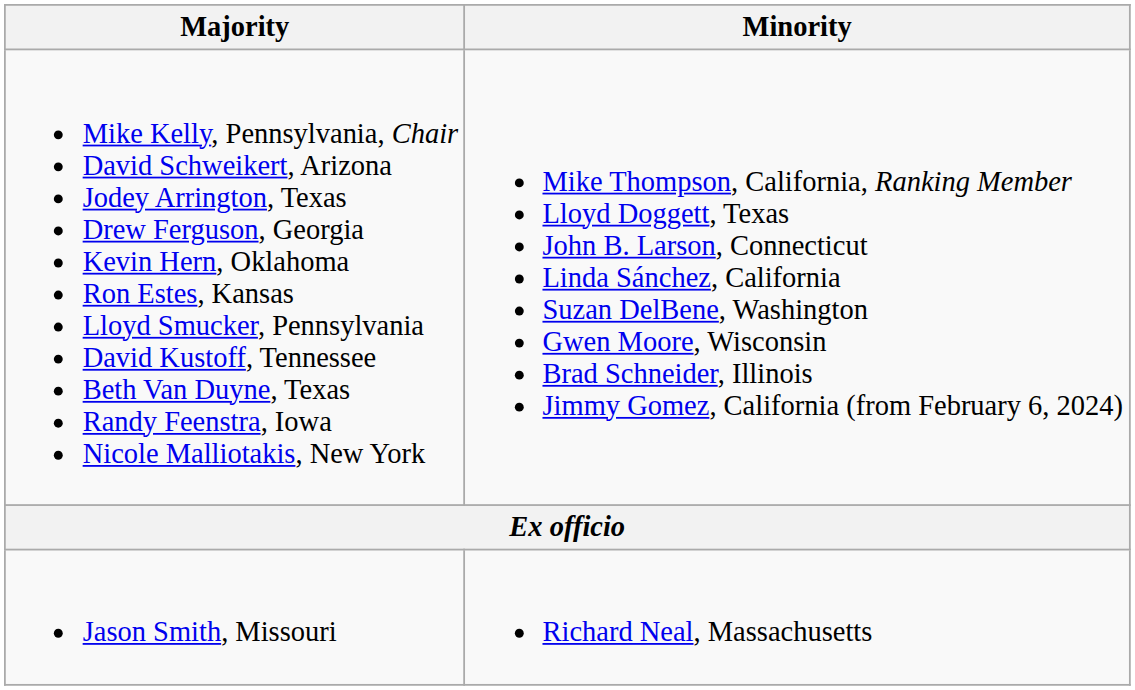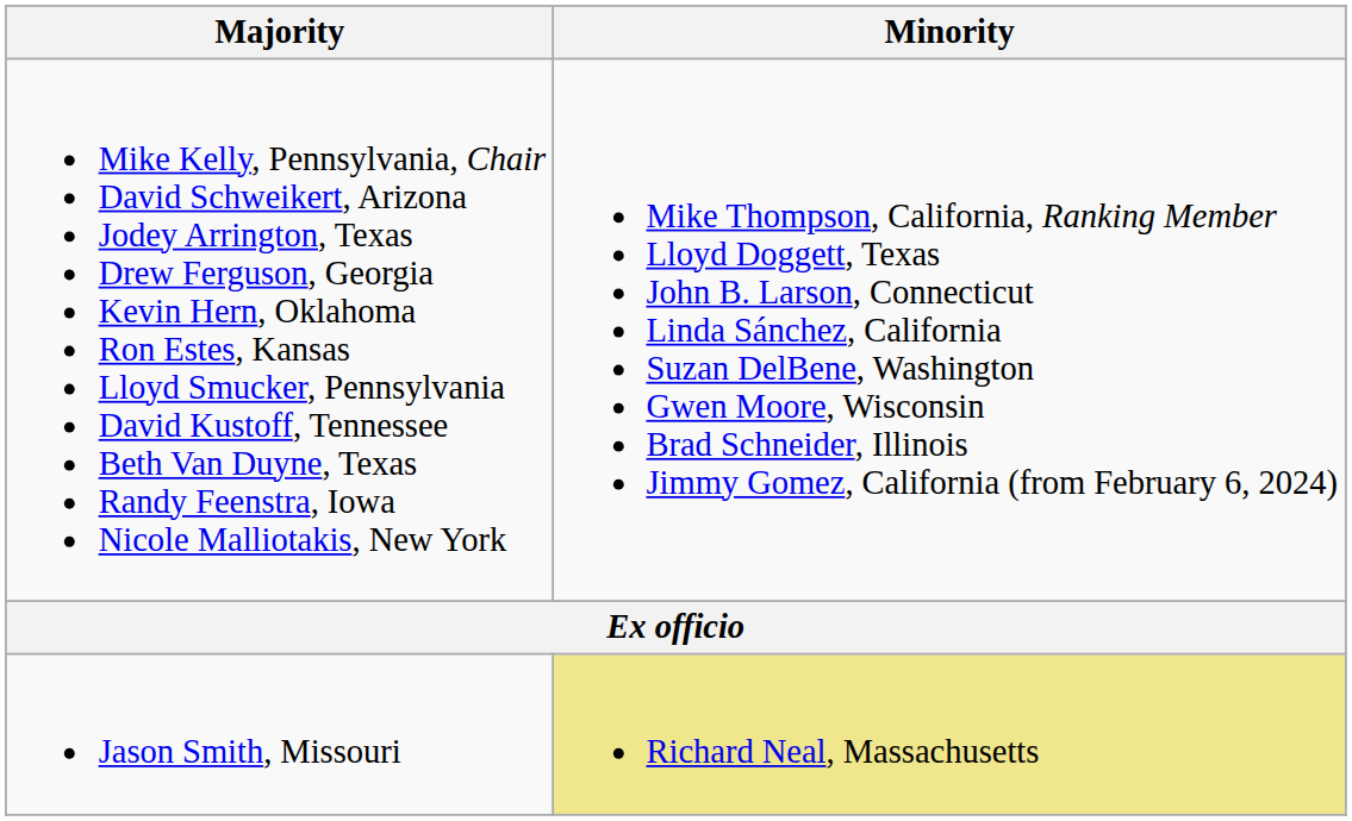 <table class=wikitable>
 <tr>
 <th>Majority</th>
 <th>Minority</th>
 </tr>
 <tr>
 <td><br><ul><li><a href='#'>Mike Kelly</a>, Pennsylvania, <em>Chair</em></li><li><a href='#'>David Schweikert</a>, Arizona</li><li><a href='#'>Jodey Arrington</a>, Texas</li><li><a href='#'>Drew Ferguson</a>, Georgia</li><li><a href='#'>Kevin Hern</a>, Oklahoma</li><li><a href='#'>Ron Estes</a>, Kansas</li><li><a href='#'>Lloyd Smucker</a>, Pennsylvania</li><li><a href='#'>David Kustoff</a>, Tennessee</li><li><a href='#'>Beth Van Duyne</a>, Texas</li><li><a href='#'>Randy Feenstra</a>, Iowa</li><li><a href='#'>Nicole Malliotakis</a>, New York</li></ul></td>
 <td><br><ul><li><a href='#'>Mike Thompson</a>, California, <em>Ranking Member</em></li><li><a href='#'>Lloyd Doggett</a>, Texas</li><li><a href='#'>John B. Larson</a>, Connecticut</li><li><a href='#'>Linda Sánchez</a>, California</li><li><a href='#'>Suzan DelBene</a>, Washington</li><li><a href='#'>Gwen Moore</a>, Wisconsin</li><li><a href='#'>Brad Schneider</a>, Illinois</li><li><a href='#'>Jimmy Gomez</a>, California (from February 6, 2024)</li></ul></td>
 </tr>
 <tr>
 <th colspan=2><em>Ex officio</em></th>
 </tr>
 <tr>
 <td><br><ul><li><a href='#'>Jason Smith</a>, Missouri</li></ul></td>
-<td><br><ul><li><a href='#'>Richard Neal</a>, Massachusetts</li></ul></td>
+<td style="background: khaki;"><br><ul><li><a href='#'>Richard Neal</a>, Massachusetts</li></ul></td>
 </tr>
 </table>
